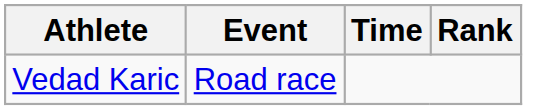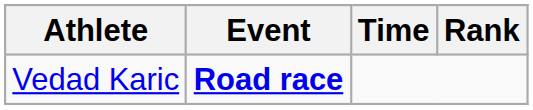 <table class="wikitable" style="font-size:90%">
 <tr>
 <th>Athlete</th>
 <th>Event</th>
 <th>Time</th>
 <th>Rank</th>
 </tr>
 <tr align=center>
 <td align=left><a href='#'>Vedad Karic</a></td>
-<td align=left><a href='#'>Road race</a></td>
+<td align=left><strong><a href='#'>Road race</a></strong></td>
 <td colspan=2></td>
 </tr>
 </table>
